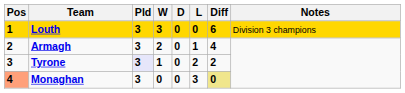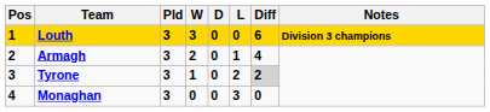 <table class="wikitable" style="text-align: centre;">
 <tr>
 <th width=20>Pos</th>
 <th width=150>Team</th>
 <th width=20>Pld</th>
 <th width=20>W</th>
 <th width=20>D</th>
 <th width=20>L</th>
 <th width=20>Diff</th>
 <th width=250>Notes</th>
 </tr>
 <tr style="background:gold;">
 <td><strong>1</strong></td>
 <td align=left><strong> <a href='#'>Louth</a> </strong></td>
 <td><strong>3</strong></td>
 <td><strong>3</strong></td>
 <td><strong>0</strong></td>
 <td><strong>0</strong></td>
 <td><strong>6</strong></td>
-<td><small> Division 3 champions</small></td>
+<td><strong><small> Division 3 champions</small></strong></td>
 </tr>
 <tr>
 <td><strong>2</strong></td>
 <td align=left><strong> <a href='#'>Armagh</a> </strong></td>
 <td><strong>3</strong></td>
 <td><strong>2</strong></td>
 <td><strong>0</strong></td>
 <td><strong>1</strong></td>
 <td><strong>4</strong></td>
 </tr>
 <tr>
 <td><strong>3</strong></td>
 <td align=left><strong> <a href='#'>Tyrone</a> </strong></td>
-<td style="background: lavender;"><strong>3</strong></td>
+<td><strong>3</strong></td>
 <td><strong>1</strong></td>
 <td><strong>0</strong></td>
 <td><strong>2</strong></td>
-<td><strong>2</strong></td>
+<td style="background: lightgrey;"><strong>2</strong></td>
 </tr>
 <tr>
-<td style="background: lightsalmon;"><strong>4</strong></td>
+<td><strong>4</strong></td>
 <td align=left><strong> <a href='#'>Monaghan</a> </strong></td>
 <td><strong>3</strong></td>
 <td><strong>0</strong></td>
 <td><strong>0</strong></td>
 <td><strong>3</strong></td>
-<td style="background: khaki;"><strong>0</strong></td>
+<td><strong>0</strong></td>
 </tr>
 </table>
